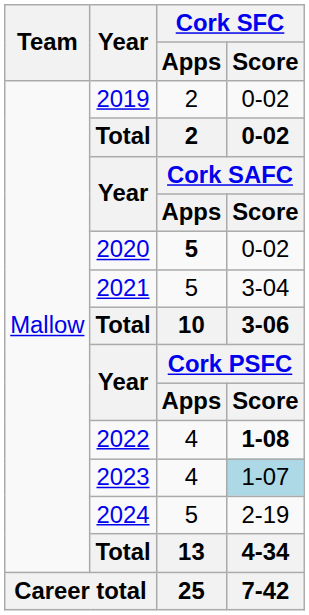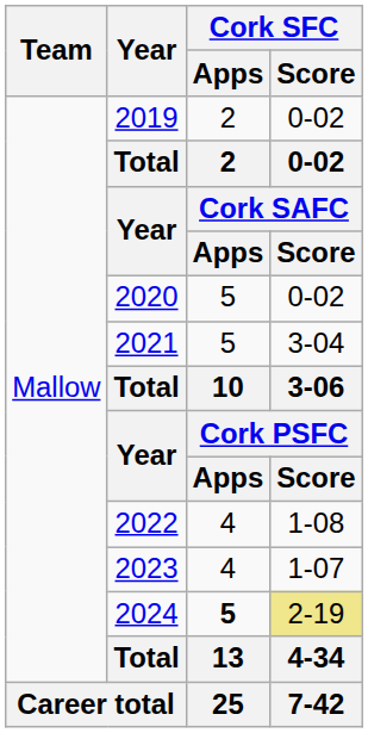 <table class="wikitable" style="text-align:center">
 <tr>
 <th rowspan="2">Team</th>
 <th rowspan="2">Year</th>
 <th colspan="2"><a href='#'>Cork SFC</a></th>
 </tr>
 <tr>
 <th>Apps</th>
 <th>Score</th>
 </tr>
 <tr>
 <td rowspan="13"><a href='#'>Mallow</a></td>
 <td><a href='#'>2019</a></td>
 <td>2</td>
 <td>0-02</td>
 </tr>
 <tr>
 <th>Total</th>
 <th>2</th>
 <th>0-02</th>
 </tr>
 <tr>
 <th rowspan=2>Year</th>
 <th colspan=2><a href='#'>Cork SAFC</a></th>
 </tr>
 <tr>
 <th>Apps</th>
 <th>Score</th>
 </tr>
 <tr>
 <td><a href='#'>2020</a></td>
-<td><strong>5</strong></td>
+<td>5</td>
 <td>0-02</td>
 </tr>
 <tr>
 <td><a href='#'>2021</a></td>
 <td>5</td>
 <td>3-04</td>
 </tr>
 <tr>
 <th>Total</th>
 <th>10</th>
 <th>3-06</th>
 </tr>
 <tr>
 <th rowspan=2>Year</th>
 <th colspan=2><a href='#'>Cork PSFC</a></th>
 </tr>
 <tr>
 <th>Apps</th>
 <th>Score</th>
 </tr>
 <tr>
 <td><a href='#'>2022</a></td>
 <td>4</td>
-<td><strong>1-08</strong></td>
+<td>1-08</td>
 </tr>
 <tr>
 <td><a href='#'>2023</a></td>
 <td>4</td>
-<td style="background: lightblue;">1-07</td>
+<td>1-07</td>
 </tr>
 <tr>
 <td><a href='#'>2024</a></td>
-<td>5</td>
-<td>2-19</td>
+<td><strong>5</strong></td>
+<td style="background: khaki;">2-19</td>
 </tr>
 <tr>
 <th>Total</th>
 <th>13</th>
 <th>4-34</th>
 </tr>
 <tr>
 <th colspan="2">Career total</th>
 <th>25</th>
 <th>7-42</th>
 </tr>
 </table>
